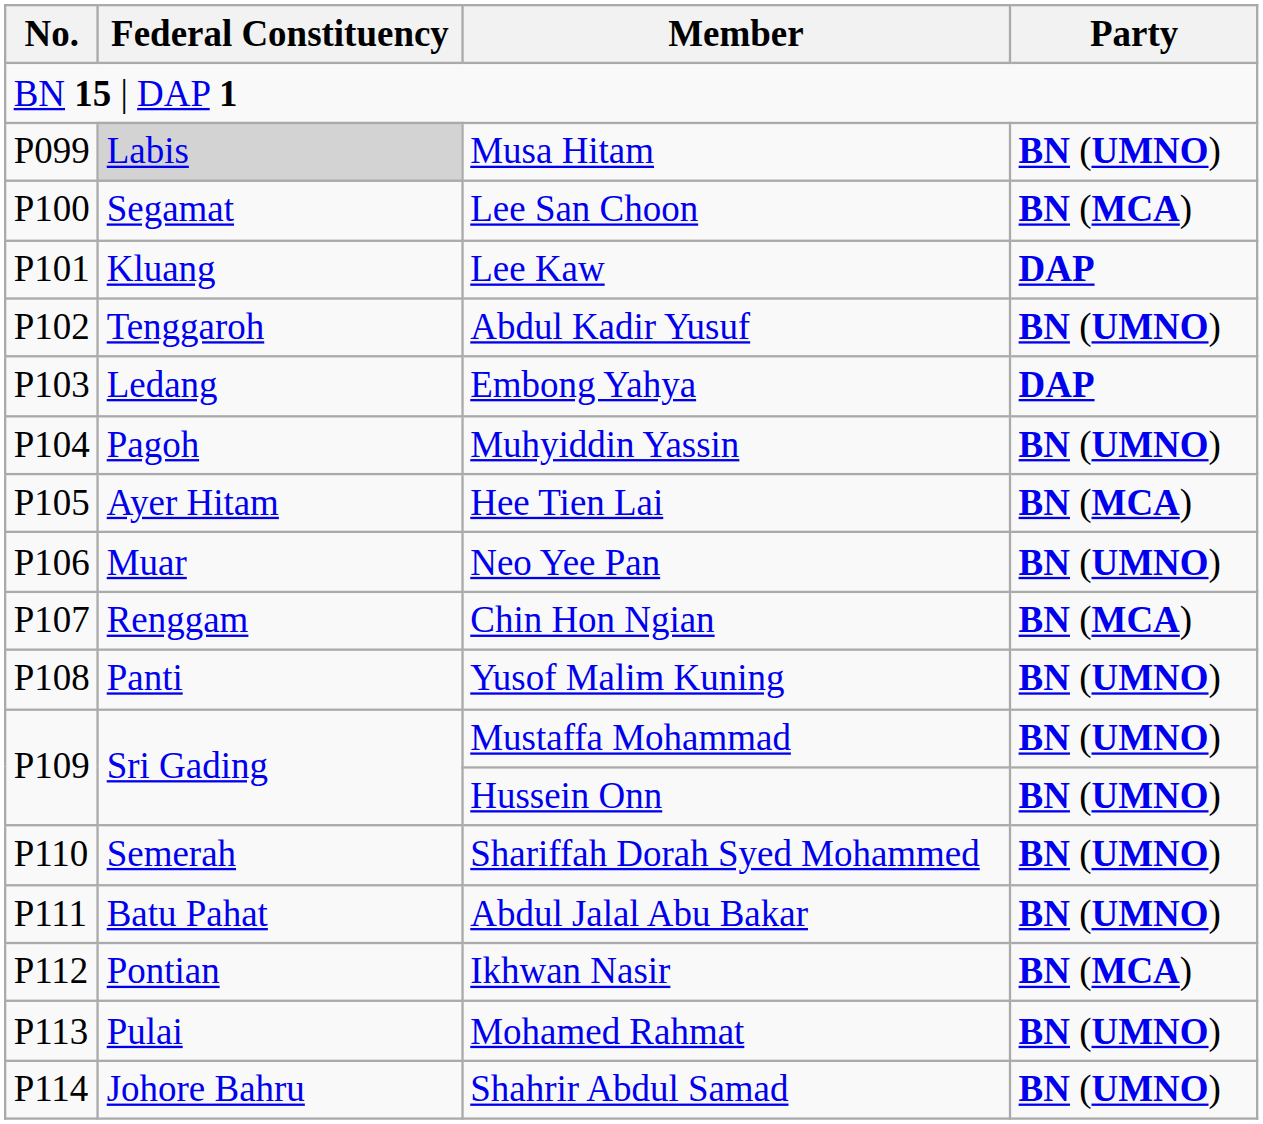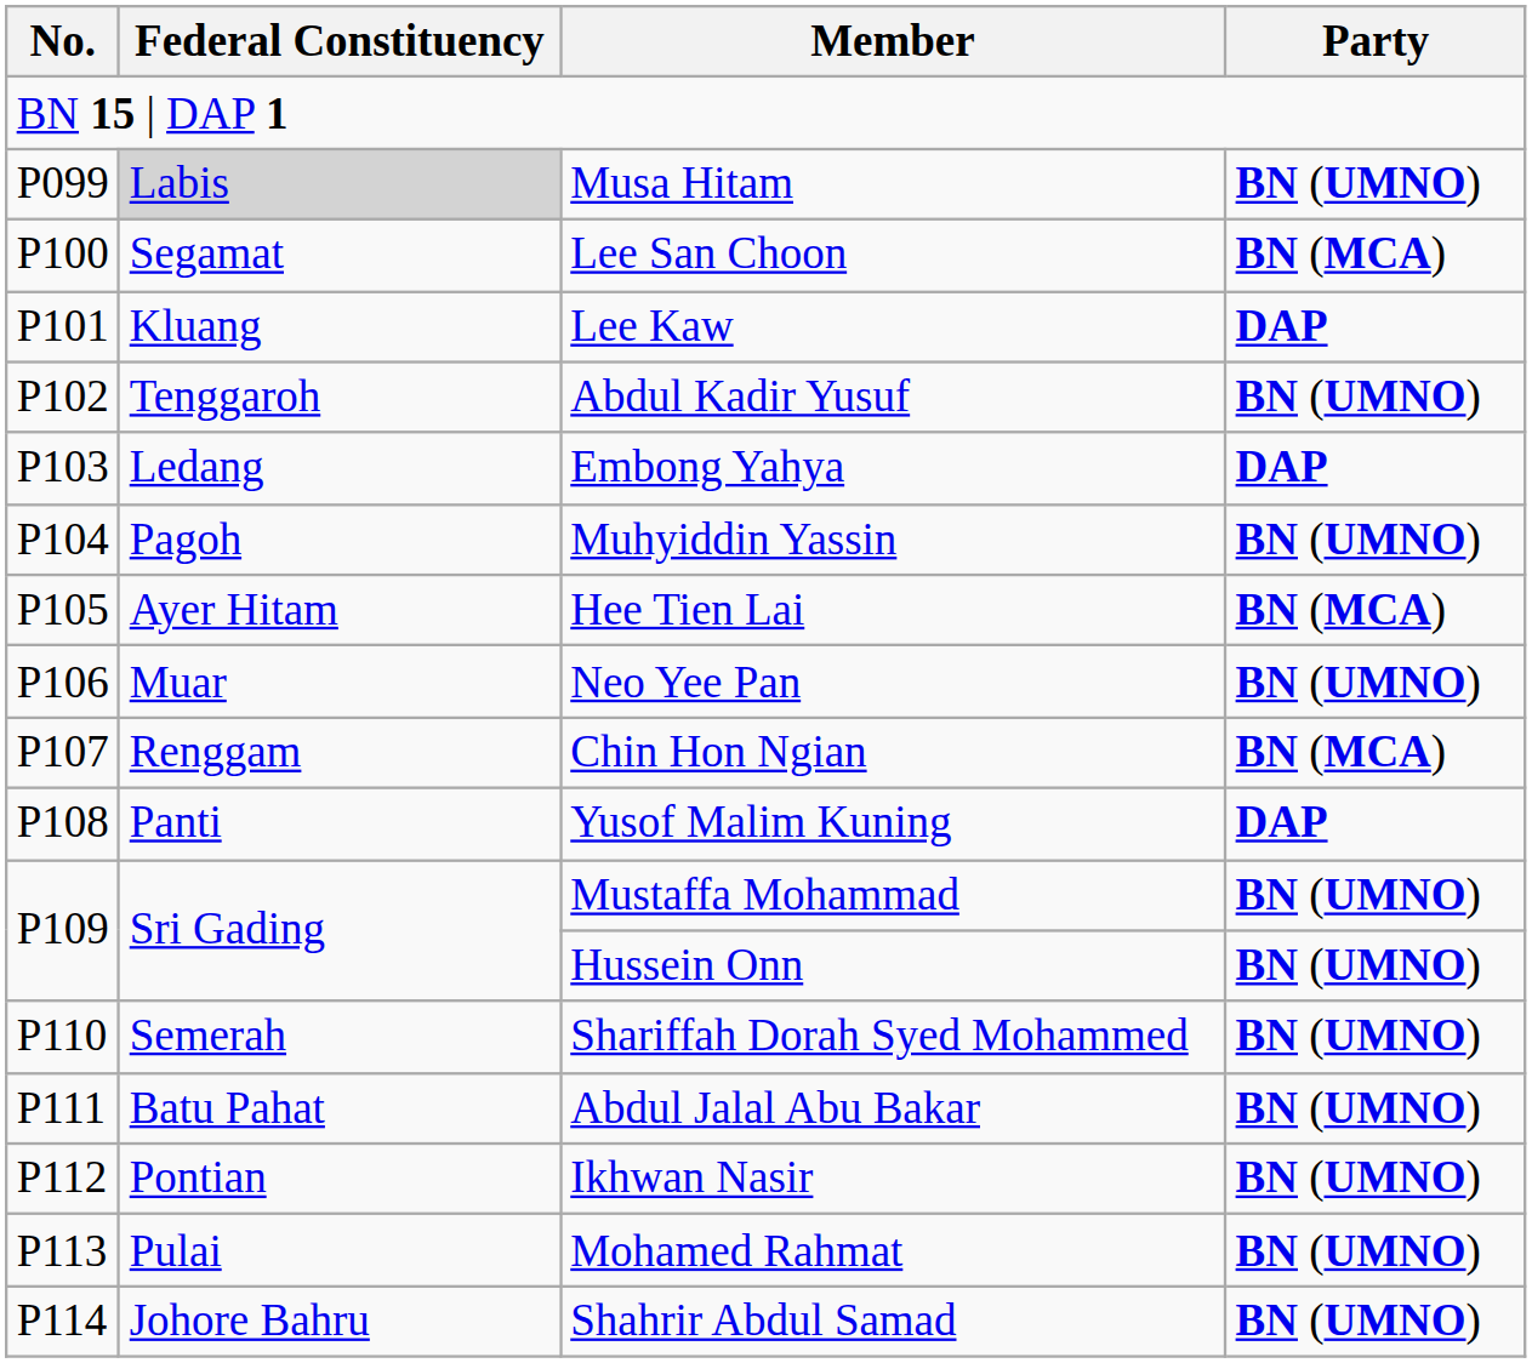 <table class="wikitable sortable">
 <tr>
 <th style="width:30px;">No.</th>
 <th style="width:150px;">Federal Constituency</th>
 <th style="width:230px;">Member</th>
 <th style="width:100px;">Party</th>
 </tr>
 <tr>
 <td colspan="4"><a href='#'>BN</a> <strong>15</strong> | <a href='#'>DAP</a> <strong>1</strong></td>
 </tr>
 <tr>
 <td>P099</td>
 <td style="background: lightgrey;"><a href='#'>Labis</a></td>
 <td><a href='#'>Musa Hitam</a></td>
 <td><strong><a href='#'>BN</a></strong> (<strong><a href='#'>UMNO</a></strong>)</td>
 </tr>
 <tr>
 <td>P100</td>
 <td><a href='#'>Segamat</a></td>
 <td><a href='#'>Lee San Choon</a></td>
 <td><strong><a href='#'>BN</a></strong> (<strong><a href='#'>MCA</a></strong>)</td>
 </tr>
 <tr>
 <td>P101</td>
 <td><a href='#'>Kluang</a></td>
 <td><a href='#'>Lee Kaw</a></td>
 <td><strong><a href='#'>DAP</a></strong></td>
 </tr>
 <tr>
 <td>P102</td>
 <td><a href='#'>Tenggaroh</a></td>
 <td><a href='#'>Abdul Kadir Yusuf</a></td>
 <td><strong><a href='#'>BN</a></strong> (<strong><a href='#'>UMNO</a></strong>)</td>
 </tr>
 <tr>
 <td>P103</td>
 <td><a href='#'>Ledang</a></td>
 <td><a href='#'>Embong Yahya</a></td>
 <td><strong><a href='#'>DAP</a></strong></td>
 </tr>
 <tr>
 <td>P104</td>
 <td><a href='#'>Pagoh</a></td>
 <td><a href='#'>Muhyiddin Yassin</a></td>
 <td><strong><a href='#'>BN</a></strong> (<strong><a href='#'>UMNO</a></strong>)</td>
 </tr>
 <tr>
 <td>P105</td>
 <td><a href='#'>Ayer Hitam</a></td>
 <td><a href='#'>Hee Tien Lai</a></td>
 <td><strong><a href='#'>BN</a></strong> (<strong><a href='#'>MCA</a></strong>)</td>
 </tr>
 <tr>
 <td>P106</td>
 <td><a href='#'>Muar</a></td>
 <td><a href='#'>Neo Yee Pan</a></td>
 <td><strong><a href='#'>BN</a></strong> (<strong><a href='#'>UMNO</a></strong>)</td>
 </tr>
 <tr>
 <td>P107</td>
 <td><a href='#'>Renggam</a></td>
 <td><a href='#'>Chin Hon Ngian</a></td>
 <td><strong><a href='#'>BN</a></strong> (<strong><a href='#'>MCA</a></strong>)</td>
 </tr>
 <tr>
 <td>P108</td>
 <td><a href='#'>Panti</a></td>
 <td><a href='#'>Yusof Malim Kuning</a></td>
-<td><strong><a href='#'>BN</a></strong> (<strong><a href='#'>UMNO</a></strong>)</td>
+<td><strong><a href='#'>DAP</a></strong></td>
 </tr>
 <tr>
 <td rowspan=2>P109</td>
 <td rowspan=2><a href='#'>Sri Gading</a></td>
 <td><a href='#'>Mustaffa Mohammad</a> </td>
 <td><strong><a href='#'>BN</a></strong> (<strong><a href='#'>UMNO</a></strong>)</td>
 </tr>
 <tr>
 <td><a href='#'>Hussein Onn</a> </td>
 <td><strong><a href='#'>BN</a></strong> (<strong><a href='#'>UMNO</a></strong>)</td>
 </tr>
 <tr>
 <td>P110</td>
 <td><a href='#'>Semerah</a></td>
 <td><a href='#'>Shariffah Dorah Syed Mohammed</a></td>
 <td><strong><a href='#'>BN</a></strong> (<strong><a href='#'>UMNO</a></strong>)</td>
 </tr>
 <tr>
 <td>P111</td>
 <td><a href='#'>Batu Pahat</a></td>
 <td><a href='#'>Abdul Jalal Abu Bakar</a></td>
 <td><strong><a href='#'>BN</a></strong> (<strong><a href='#'>UMNO</a></strong>)</td>
 </tr>
 <tr>
 <td>P112</td>
 <td><a href='#'>Pontian</a></td>
 <td><a href='#'>Ikhwan Nasir</a></td>
-<td><strong><a href='#'>BN</a></strong> (<strong><a href='#'>MCA</a></strong>)</td>
+<td><strong><a href='#'>BN</a></strong> (<strong><a href='#'>UMNO</a></strong>)</td>
 </tr>
 <tr>
 <td>P113</td>
 <td><a href='#'>Pulai</a></td>
 <td><a href='#'>Mohamed Rahmat</a></td>
 <td><strong><a href='#'>BN</a></strong> (<strong><a href='#'>UMNO</a></strong>)</td>
 </tr>
 <tr>
 <td>P114</td>
 <td><a href='#'>Johore Bahru</a></td>
 <td><a href='#'>Shahrir Abdul Samad</a></td>
 <td><strong><a href='#'>BN</a></strong> (<strong><a href='#'>UMNO</a></strong>)</td>
 </tr>
 </table>
